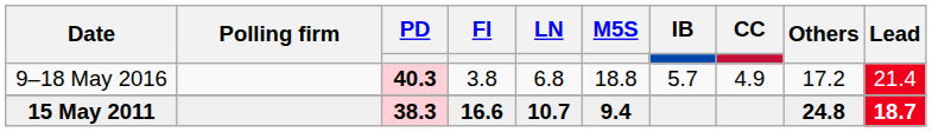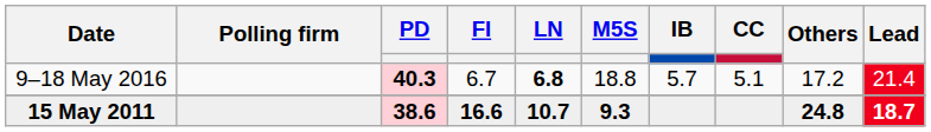 <table class="wikitable collapsible" style="text-align:center;font-size:85%;line-height:13px">
 <tr style="height:30px; background-color:#E9E9E9">
 <th style="width:100px;" rowspan="2">Date</th>
 <th style="width:120px;" rowspan="2">Polling firm</th>
 <th style="width:35px;"><a href='#'>PD</a></th>
 <th style="width:35px;"><a href='#'>FI</a></th>
 <th style="width:35px;"><a href='#'>LN</a></th>
 <th style="width:35px;"><a href='#'>M5S</a></th>
 <th style="width:35px;">IB</th>
 <th style="width:35px;">CC</th>
 <th style="width:35px;" rowspan="2">Others</th>
 <th style="width:25px;" rowspan="2">Lead</th>
 </tr>
 <tr>
 <th style="background:"></th>
 <th style="background:"></th>
 <th style="background:"></th>
 <th style="background:"></th>
 <th style="background:#0047AB;"></th>
 <th style="background:#C60E3B;"></th>
 </tr>
 <tr>
 <td>9–18 May 2016</td>
 <td></td>
 <td style="background:#FFD0D7"><strong>40.3</strong></td>
-<td>3.8</td>
-<td>6.8</td>
+<td>6.7</td>
+<td><strong>6.8</strong></td>
 <td>18.8</td>
 <td>5.7</td>
-<td>4.9</td>
+<td>5.1</td>
 <td>17.2</td>
 <td style="background:#F0001C; color:white;">21.4</td>
 </tr>
 <tr>
 </tr>
 <tr style="background:#EFEFEF; font-weight:bold;">
 <td>15 May 2011</td>
 <td></td>
-<td style="background:#FFD0D7"><strong>38.3</strong></td>
+<td style="background:#FFD0D7"><strong>38.6</strong></td>
 <td>16.6</td>
 <td>10.7</td>
-<td>9.4</td>
+<td>9.3</td>
 <td></td>
 <td></td>
 <td>24.8</td>
 <td style="background:#F0001C; color:white;">18.7</td>
 </tr>
 </table>
